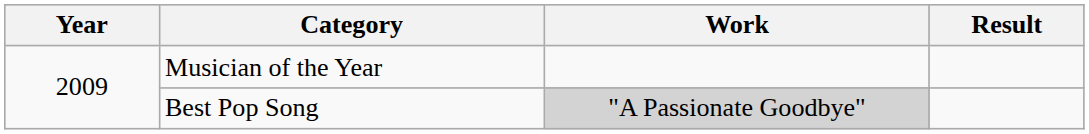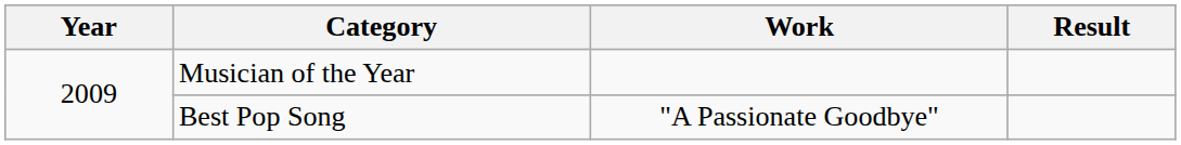 <table | width="75%" class="wikitable sortable">
 <tr>
 <th width="10%">Year</th>
 <th width="25%">Category</th>
 <th width="25%">Work</th>
 <th width="10%">Result</th>
 </tr>
 <tr>
 <td align="center" rowspan=2>2009</td>
 <td>Musician of the Year</td>
 <td></td>
 <td></td>
 </tr>
 <tr>
 <td>Best Pop Song</td>
-<td align="center" style="background: lightgrey;">"A Passionate Goodbye"</td>
+<td align="center">"A Passionate Goodbye"</td>
 <td></td>
 </tr>
 </table>
